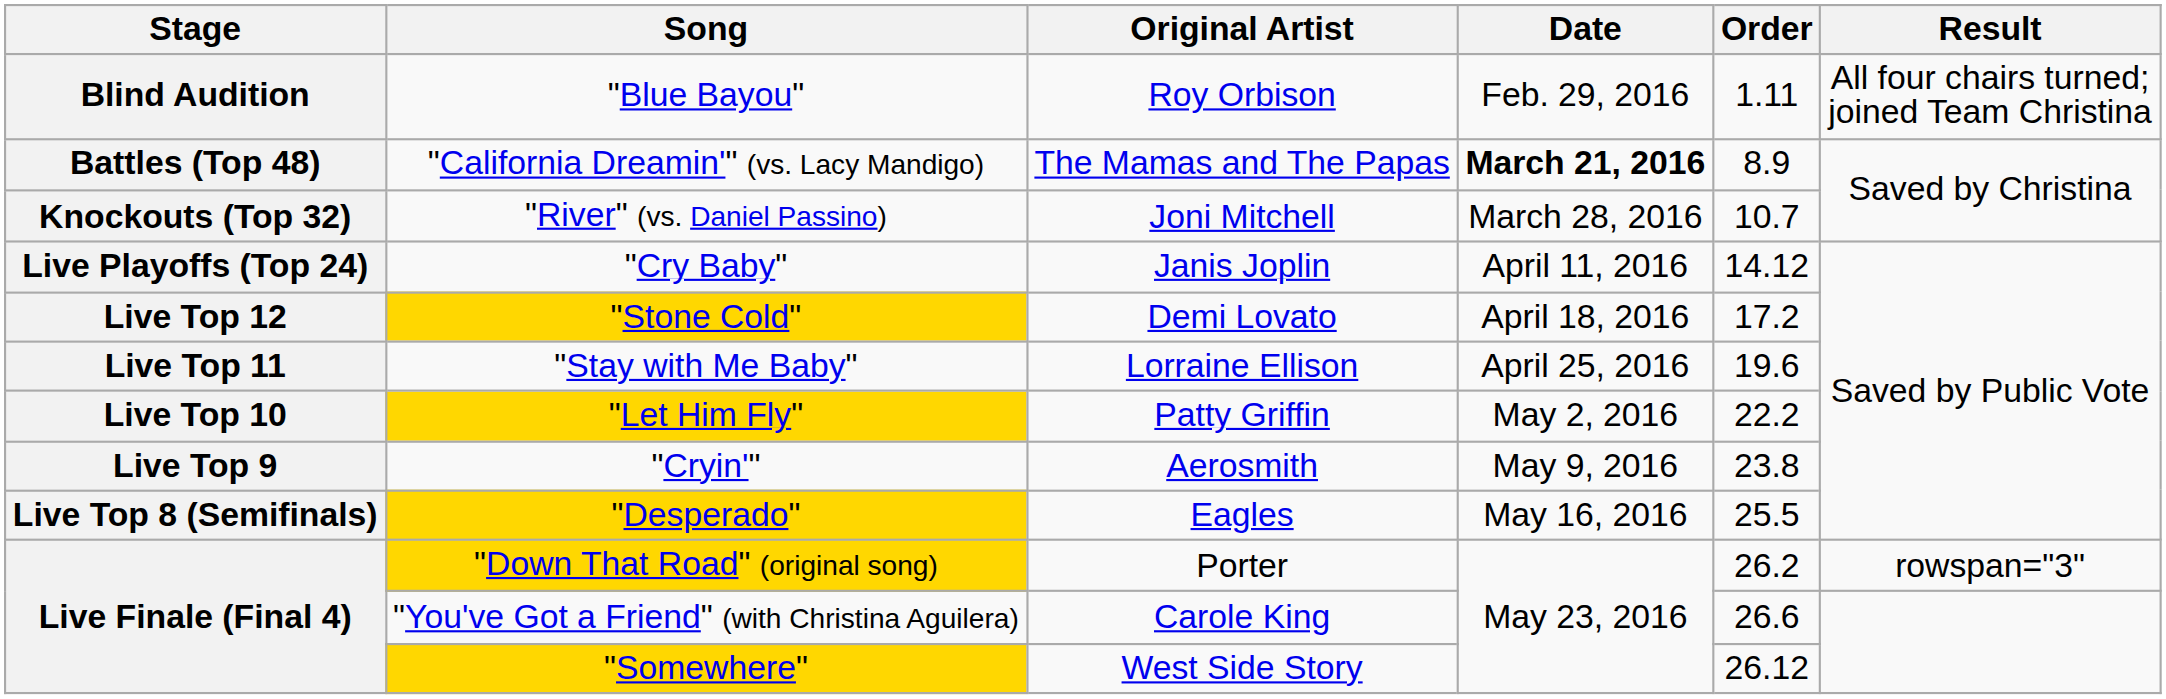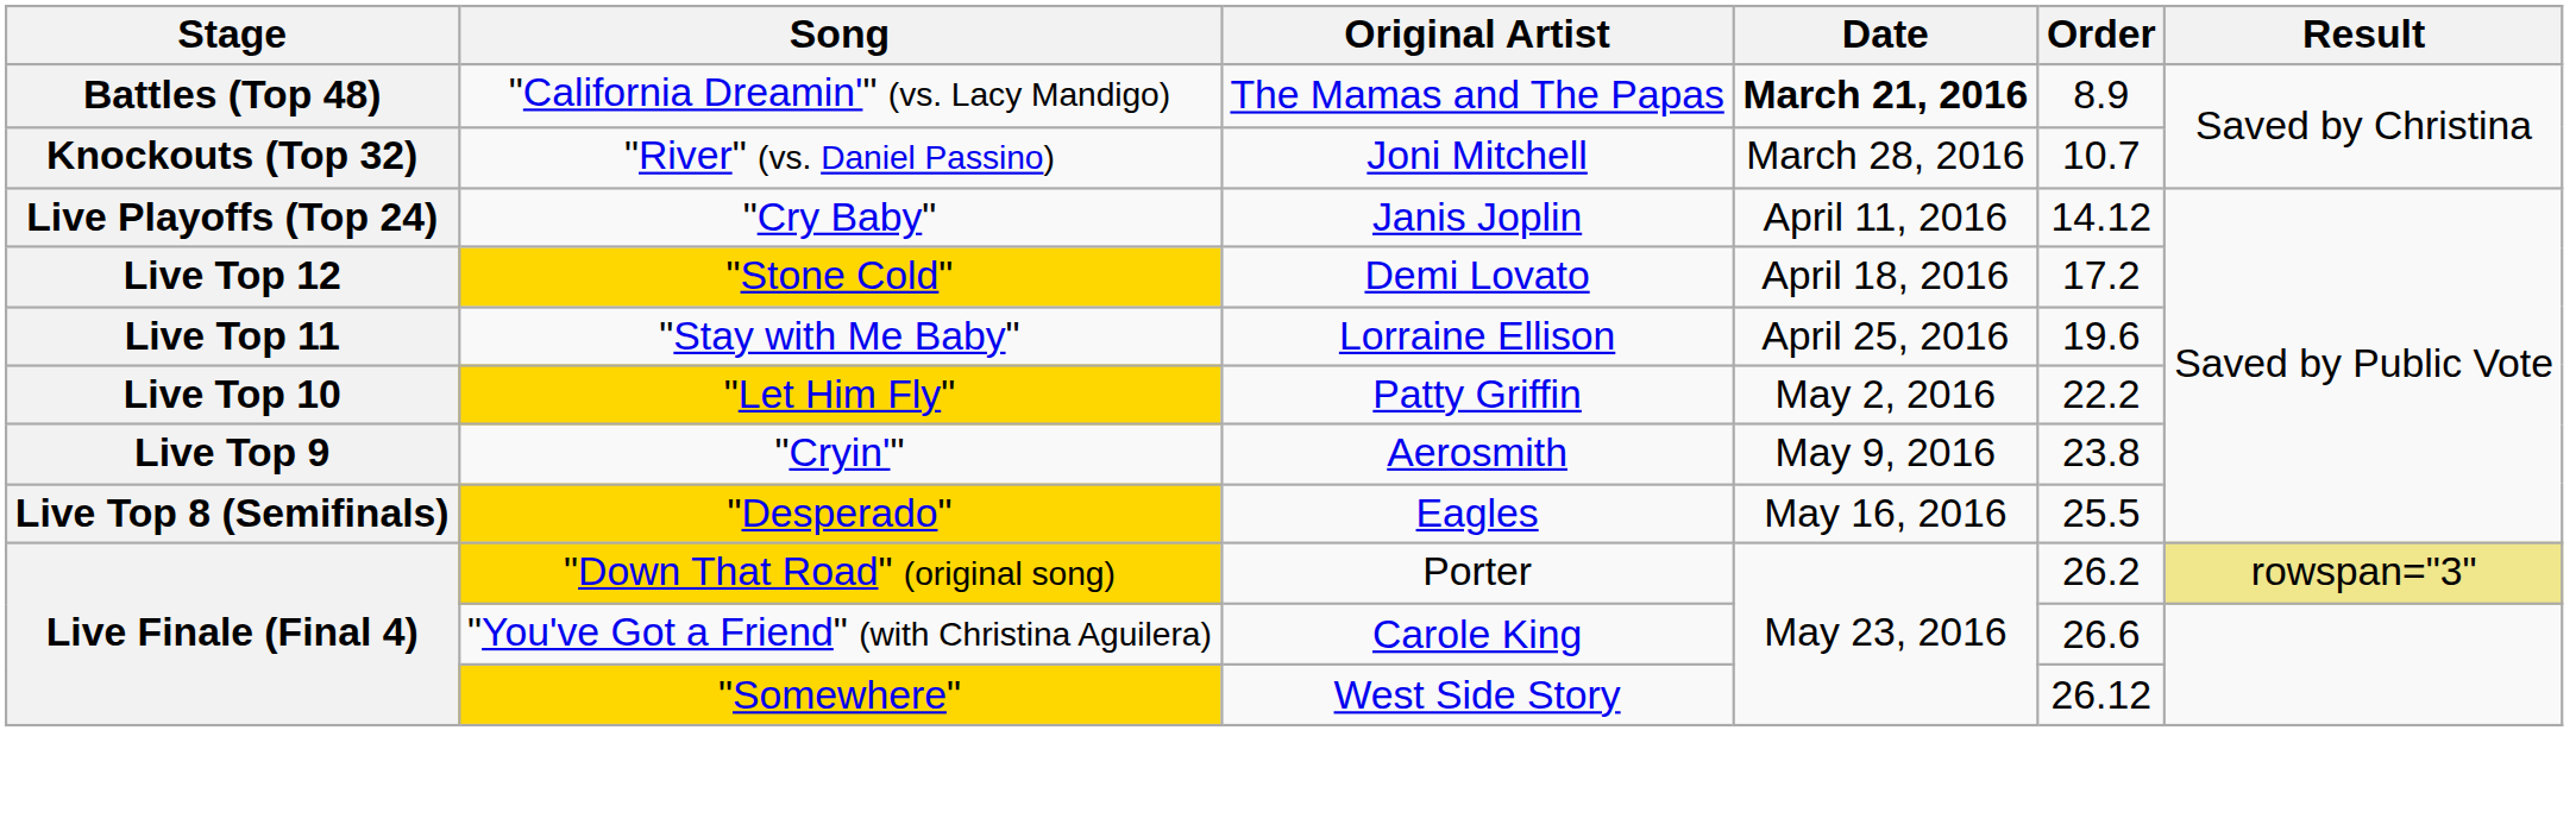 <table class="wikitable" style="text-align:center; font-size:99%; line-height:16px;">
 <tr>
 <th scope="col">Stage</th>
 <th scope="col">Song</th>
 <th scope="col">Original Artist</th>
 <th scope="col">Date</th>
 <th scope="col">Order</th>
 <th scope="col">Result</th>
-</tr>
-<tr>
-<th scope="row">Blind Audition</th>
-<td>"<a href='#'>Blue Bayou</a>"</td>
-<td><a href='#'>Roy Orbison</a></td>
-<td>Feb. 29, 2016</td>
-<td>1.11</td>
-<td>All four chairs turned;<br>joined Team Christina</td>
 </tr>
 <tr>
 <th scope="row">Battles (Top 48)</th>
 <td>"<a href='#'>California Dreamin'</a>" <small>(vs. Lacy Mandigo)</small></td>
 <td><a href='#'>The Mamas and The Papas</a></td>
 <td><strong>March 21, 2016</strong></td>
 <td>8.9</td>
 <td rowspan="2">Saved by Christina</td>
 </tr>
 <tr>
 <th scope="row">Knockouts (Top 32)</th>
 <td>"<a href='#'>River</a>" <small>(vs. <a href='#'>Daniel Passino</a>)</small></td>
 <td><a href='#'>Joni Mitchell</a></td>
 <td>March 28, 2016</td>
 <td>10.7</td>
 </tr>
 <tr>
 <th scope="row">Live Playoffs (Top 24)</th>
 <td>"<a href='#'>Cry Baby</a>"</td>
 <td><a href='#'>Janis Joplin</a></td>
 <td>April 11, 2016</td>
 <td>14.12</td>
 <td rowspan="6">Saved by Public Vote</td>
 </tr>
 <tr>
 <th scope="row">Live Top 12</th>
 <td style="background:gold;">"<a href='#'>Stone Cold</a>"</td>
 <td><a href='#'>Demi Lovato</a></td>
 <td>April 18, 2016</td>
 <td>17.2</td>
 </tr>
 <tr>
 <th scope="row">Live Top 11</th>
 <td>"<a href='#'>Stay with Me Baby</a>"</td>
 <td><a href='#'>Lorraine Ellison</a></td>
 <td>April 25, 2016</td>
 <td>19.6</td>
 </tr>
 <tr>
 <th scope="row">Live Top 10</th>
 <td style="background:gold;">"<a href='#'>Let Him Fly</a>"</td>
 <td><a href='#'>Patty Griffin</a></td>
 <td>May 2, 2016</td>
 <td>22.2</td>
 </tr>
 <tr>
 <th scope="row">Live Top 9</th>
 <td>"<a href='#'>Cryin'</a>"</td>
 <td><a href='#'>Aerosmith</a></td>
 <td>May 9, 2016</td>
 <td>23.8</td>
 </tr>
 <tr>
 <th scope="row">Live Top 8 (Semifinals)</th>
 <td style="background:gold;">"<a href='#'>Desperado</a>"</td>
 <td><a href='#'>Eagles</a></td>
 <td>May 16, 2016</td>
 <td>25.5</td>
 </tr>
 <tr>
 <th rowspan="3">Live Finale (Final 4)</th>
 <td style="background:gold;">"<a href='#'>Down That Road</a>" <small>(original song)</small></td>
 <td>Porter</td>
 <td rowspan="3">May 23, 2016</td>
 <td>26.2</td>
-<td>rowspan="3" </td>
+<td style="background: khaki;">rowspan="3" </td>
 </tr>
 <tr>
 <td>"<a href='#'>You've Got a Friend</a>" <small>(with Christina Aguilera)</small></td>
 <td><a href='#'>Carole King</a></td>
 <td>26.6</td>
 </tr>
 <tr>
 <td style="background:gold;">"<a href='#'>Somewhere</a>"</td>
 <td><a href='#'>West Side Story</a></td>
 <td>26.12</td>
 </tr>
 </table>
